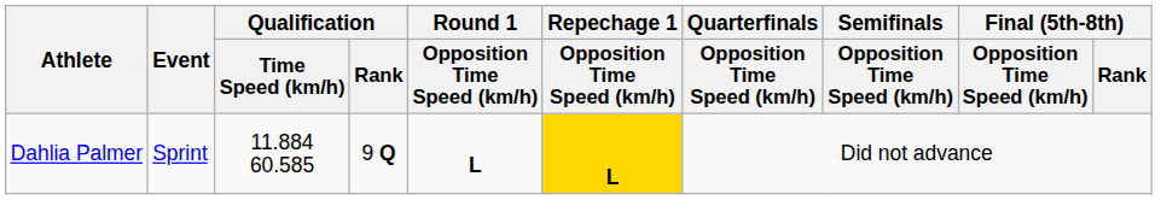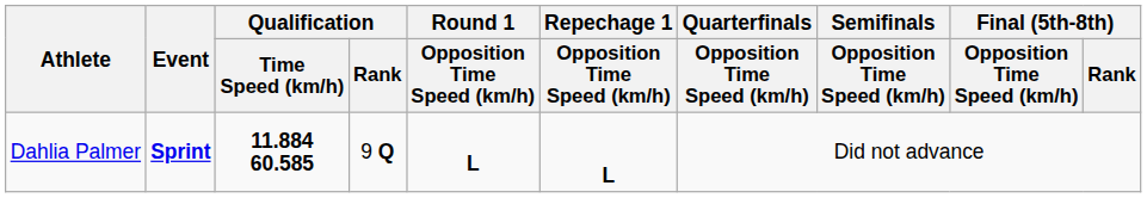 <table class="wikitable" style="font-size:90%">
 <tr>
 <th rowspan=2>Athlete</th>
 <th rowspan=2>Event</th>
 <th colspan=2>Qualification</th>
 <th>Round 1</th>
 <th>Repechage 1</th>
 <th>Quarterfinals</th>
 <th>Semifinals</th>
 <th colspan=2>Final (5th-8th)</th>
 </tr>
 <tr style="font-size:95%">
 <th>Time<br>Speed (km/h)</th>
 <th>Rank</th>
 <th>Opposition<br>Time<br>Speed (km/h)</th>
 <th>Opposition<br>Time<br>Speed (km/h)</th>
 <th>Opposition<br>Time<br>Speed (km/h)</th>
 <th>Opposition<br>Time<br>Speed (km/h)</th>
 <th>Opposition<br>Time<br>Speed (km/h)</th>
 <th>Rank</th>
 </tr>
 <tr align=center>
 <td align=left><a href='#'>Dahlia Palmer</a></td>
-<td align=left><a href='#'>Sprint</a></td>
-<td>11.884<br>60.585</td>
+<td align=left><strong><a href='#'>Sprint</a></strong></td>
+<td><strong>11.884<br>60.585</strong></td>
 <td>9 <strong>Q</strong></td>
 <td><br><strong>L</strong></td>
-<td style="background: gold;"><br><br><strong>L</strong></td>
+<td><br><br><strong>L</strong></td>
 <td colspan=4>Did not advance</td>
 </tr>
 </table>
